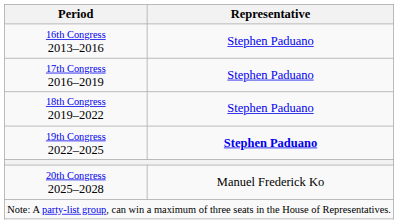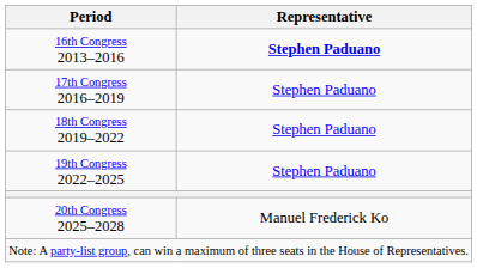 <table class="wikitable"; style="text-align:center">
 <tr>
 <th>Period</th>
 <th>Representative</th>
 </tr>
 <tr>
 <td><small><a href='#'>16th Congress</a></small><br>2013–2016</td>
-<td><a href='#'>Stephen Paduano</a></td>
+<td><strong><a href='#'>Stephen Paduano</a></strong></td>
 </tr>
 <tr>
 <td><small><a href='#'>17th Congress</a></small><br>2016–2019</td>
 <td><a href='#'>Stephen Paduano</a></td>
 </tr>
 <tr>
 <td><small><a href='#'>18th Congress</a></small><br>2019–2022</td>
 <td><a href='#'>Stephen Paduano</a></td>
 </tr>
 <tr>
 <td><small><a href='#'>19th Congress</a></small><br>2022–2025</td>
-<td><strong><a href='#'>Stephen Paduano</a></strong></td>
+<td><a href='#'>Stephen Paduano</a></td>
 </tr>
 <tr>
 <th colspan=2></th>
 </tr>
 <tr>
 <td><small><a href='#'>20th Congress</a></small><br>2025–2028<br></td>
 <td>Manuel Frederick Ko</td>
 </tr>
 <tr>
 <td colspan=2><small>Note: A <a href='#'>party-list group</a>, can win a maximum of three seats in the House of Representatives.</small></td>
 </tr>
 </table>
